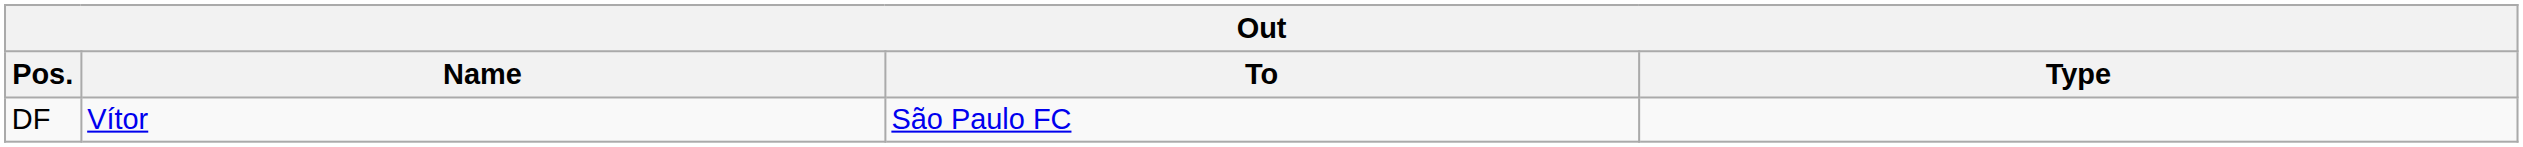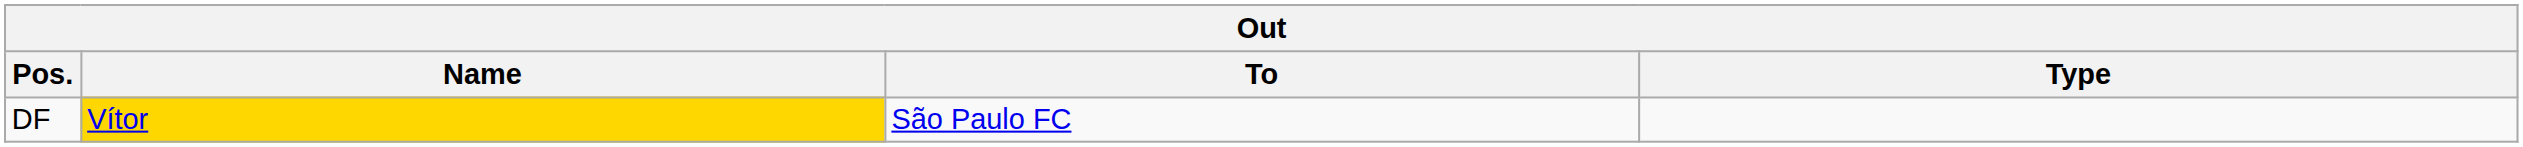 <table class="wikitable" style="font-size:90%;width:99%;">
 <tr>
 <th colspan="4">Out</th>
 </tr>
 <tr>
 <th width=3%>Pos.</th>
 <th width=32%>Name</th>
 <th width=30%>To</th>
 <th width=35%>Type</th>
 </tr>
 <tr>
 <td>DF</td>
-<td><a href='#'>Vítor</a></td>
+<td style="background: gold;"><a href='#'>Vítor</a></td>
 <td><a href='#'>São Paulo FC</a></td>
 <td></td>
 </tr>
 </table>
